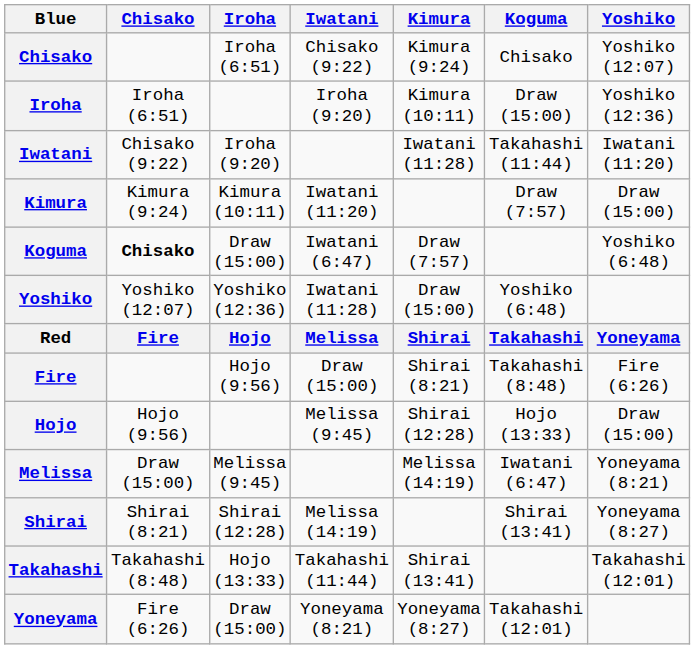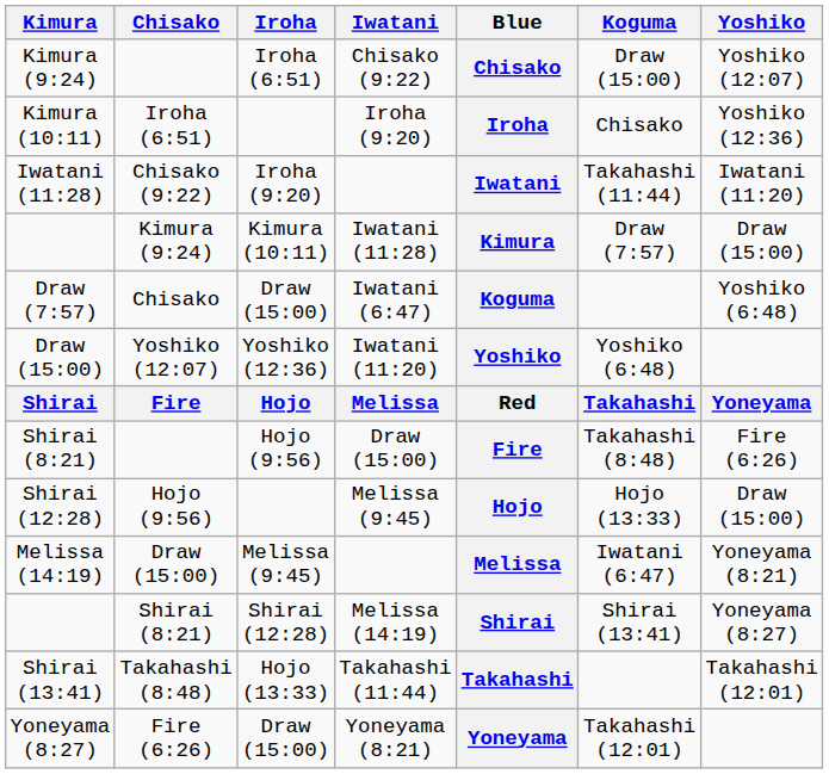 <table class="wikitable" style="text-align:center; margin: 1em auto 1em auto;" width="25%">
 <tr>
-<th>Blue</th>
+<th><a href='#'>Kimura</a></th>
 <th><a href='#'>Chisako</a></th>
 <th><a href='#'>Iroha</a></th>
 <th><a href='#'>Iwatani</a></th>
-<th><a href='#'>Kimura</a></th>
+<th>Blue</th>
 <th><a href='#'>Koguma</a></th>
 <th><a href='#'>Yoshiko</a></th>
 </tr>
 <tr>
-<th><a href='#'>Chisako</a></th>
+<td>Kimura<br>(9:24)</td>
 <td></td>
 <td>Iroha<br>(6:51)</td>
 <td>Chisako<br>(9:22)</td>
-<td>Kimura<br>(9:24)</td>
-<td>Chisako</td>
+<th><a href='#'>Chisako</a></th>
+<td>Draw<br>(15:00)</td>
 <td>Yoshiko<br>(12:07)</td>
 </tr>
 <tr>
-<th><a href='#'>Iroha</a></th>
+<td>Kimura<br>(10:11)</td>
 <td>Iroha<br>(6:51)</td>
 <td></td>
 <td>Iroha<br>(9:20)</td>
-<td>Kimura<br>(10:11)</td>
-<td>Draw<br>(15:00)</td>
+<th><a href='#'>Iroha</a></th>
+<td>Chisako</td>
 <td>Yoshiko<br>(12:36)</td>
 </tr>
 <tr>
-<th><a href='#'>Iwatani</a></th>
+<td>Iwatani<br>(11:28)</td>
 <td>Chisako<br>(9:22)</td>
 <td>Iroha<br>(9:20)</td>
 <td></td>
-<td>Iwatani<br>(11:28)</td>
+<th><a href='#'>Iwatani</a></th>
 <td>Takahashi<br>(11:44)</td>
 <td>Iwatani<br>(11:20)</td>
 </tr>
 <tr>
-<th><a href='#'>Kimura</a></th>
+<td></td>
 <td>Kimura<br>(9:24)</td>
 <td>Kimura<br>(10:11)</td>
-<td>Iwatani<br>(11:20)</td>
-<td></td>
+<td>Iwatani<br>(11:28)</td>
+<th><a href='#'>Kimura</a></th>
 <td>Draw<br>(7:57)</td>
 <td>Draw<br>(15:00)</td>
 </tr>
 <tr>
-<th><a href='#'>Koguma</a></th>
-<td><strong>Chisako</strong></td>
+<td>Draw<br>(7:57)</td>
+<td>Chisako</td>
 <td>Draw<br>(15:00)</td>
 <td>Iwatani<br>(6:47)</td>
-<td>Draw<br>(7:57)</td>
+<th><a href='#'>Koguma</a></th>
 <td></td>
 <td>Yoshiko<br>(6:48)</td>
 </tr>
 <tr>
-<th><a href='#'>Yoshiko</a></th>
+<td>Draw<br>(15:00)</td>
 <td>Yoshiko<br>(12:07)</td>
 <td>Yoshiko<br>(12:36)</td>
-<td>Iwatani<br>(11:28)</td>
-<td>Draw<br>(15:00)</td>
+<td>Iwatani<br>(11:20)</td>
+<th><a href='#'>Yoshiko</a></th>
 <td>Yoshiko<br>(6:48)</td>
 <td></td>
 </tr>
 <tr>
-<th>Red</th>
+<th><a href='#'>Shirai</a></th>
 <th><a href='#'>Fire</a></th>
 <th><a href='#'>Hojo</a></th>
 <th><a href='#'>Melissa</a></th>
-<th><a href='#'>Shirai</a></th>
+<th>Red</th>
 <th><a href='#'>Takahashi</a></th>
 <th><a href='#'>Yoneyama</a></th>
 </tr>
 <tr>
-<th><a href='#'>Fire</a></th>
+<td>Shirai<br>(8:21)</td>
 <td></td>
 <td>Hojo<br>(9:56)</td>
 <td>Draw<br>(15:00)</td>
-<td>Shirai<br>(8:21)</td>
+<th><a href='#'>Fire</a></th>
 <td>Takahashi<br>(8:48)</td>
 <td>Fire<br>(6:26)</td>
 </tr>
 <tr>
-<th><a href='#'>Hojo</a></th>
+<td>Shirai<br>(12:28)</td>
 <td>Hojo<br>(9:56)</td>
 <td></td>
 <td>Melissa<br>(9:45)</td>
-<td>Shirai<br>(12:28)</td>
+<th><a href='#'>Hojo</a></th>
 <td>Hojo<br>(13:33)</td>
 <td>Draw<br>(15:00)</td>
 </tr>
 <tr>
-<th><a href='#'>Melissa</a></th>
+<td>Melissa<br>(14:19)</td>
 <td>Draw<br>(15:00)</td>
 <td>Melissa<br>(9:45)</td>
 <td></td>
-<td>Melissa<br>(14:19)</td>
+<th><a href='#'>Melissa</a></th>
 <td>Iwatani<br>(6:47)</td>
 <td>Yoneyama<br>(8:21)</td>
 </tr>
 <tr>
-<th><a href='#'>Shirai</a></th>
+<td></td>
 <td>Shirai<br>(8:21)</td>
 <td>Shirai<br>(12:28)</td>
 <td>Melissa<br>(14:19)</td>
-<td></td>
+<th><a href='#'>Shirai</a></th>
 <td>Shirai<br>(13:41)</td>
 <td>Yoneyama<br>(8:27)</td>
 </tr>
 <tr>
-<th><a href='#'>Takahashi</a></th>
+<td>Shirai<br>(13:41)</td>
 <td>Takahashi<br>(8:48)</td>
 <td>Hojo<br>(13:33)</td>
 <td>Takahashi<br>(11:44)</td>
-<td>Shirai<br>(13:41)</td>
+<th><a href='#'>Takahashi</a></th>
 <td></td>
 <td>Takahashi<br>(12:01)</td>
 </tr>
 <tr>
-<th><a href='#'>Yoneyama</a></th>
+<td>Yoneyama<br>(8:27)</td>
 <td>Fire<br>(6:26)</td>
 <td>Draw<br>(15:00)</td>
 <td>Yoneyama<br>(8:21)</td>
-<td>Yoneyama<br>(8:27)</td>
+<th><a href='#'>Yoneyama</a></th>
 <td>Takahashi<br>(12:01)</td>
 <td></td>
 </tr>
 </table>
